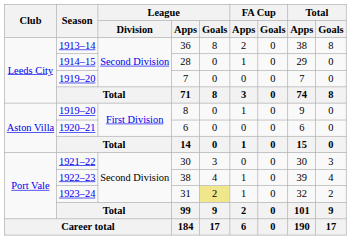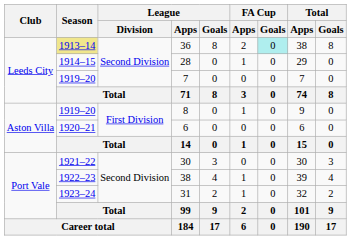 <table class="wikitable" style="text-align: center;">
 <tr>
 <th rowspan="2">Club</th>
 <th rowspan="2">Season</th>
 <th colspan="3">League</th>
 <th colspan="2">FA Cup</th>
 <th colspan="2">Total</th>
 </tr>
 <tr>
 <th>Division</th>
 <th>Apps</th>
 <th>Goals</th>
 <th>Apps</th>
 <th>Goals</th>
 <th>Apps</th>
 <th>Goals</th>
 </tr>
 <tr>
 <td rowspan="4"><a href='#'>Leeds City</a></td>
-<td><a href='#'>1913–14</a></td>
+<td style="background: khaki;"><a href='#'>1913–14</a></td>
 <td rowspan="3"><a href='#'>Second Division</a></td>
 <td>36</td>
 <td>8</td>
 <td>2</td>
-<td>0</td>
+<td style="background: paleturquoise;">0</td>
 <td>38</td>
 <td>8</td>
 </tr>
 <tr>
 <td><a href='#'>1914–15</a></td>
 <td>28</td>
 <td>0</td>
 <td>1</td>
 <td>0</td>
 <td>29</td>
 <td>0</td>
 </tr>
 <tr>
 <td><a href='#'>1919–20</a></td>
 <td>7</td>
 <td>0</td>
 <td>0</td>
 <td>0</td>
 <td>7</td>
 <td>0</td>
 </tr>
 <tr>
 <th colspan="2">Total</th>
 <th>71</th>
 <th>8</th>
 <th>3</th>
 <th>0</th>
 <th>74</th>
 <th>8</th>
 </tr>
 <tr>
 <td rowspan="3"><a href='#'>Aston Villa</a></td>
 <td><a href='#'>1919–20</a></td>
 <td rowspan="2"><a href='#'>First Division</a></td>
 <td>8</td>
 <td>0</td>
 <td>1</td>
 <td>0</td>
 <td>9</td>
 <td>0</td>
 </tr>
 <tr>
 <td><a href='#'>1920–21</a></td>
 <td>6</td>
 <td>0</td>
 <td>0</td>
 <td>0</td>
 <td>6</td>
 <td>0</td>
 </tr>
 <tr>
 <th colspan="2">Total</th>
 <th>14</th>
 <th>0</th>
 <th>1</th>
 <th>0</th>
 <th>15</th>
 <th>0</th>
 </tr>
 <tr>
 <td rowspan="4"><a href='#'>Port Vale</a></td>
 <td><a href='#'>1921–22</a></td>
 <td rowspan="3">Second Division</td>
 <td>30</td>
 <td>3</td>
 <td>0</td>
 <td>0</td>
 <td>30</td>
 <td>3</td>
 </tr>
 <tr>
 <td><a href='#'>1922–23</a></td>
 <td>38</td>
 <td>4</td>
 <td>1</td>
 <td>0</td>
 <td>39</td>
 <td>4</td>
 </tr>
 <tr>
 <td><a href='#'>1923–24</a></td>
 <td>31</td>
-<td style="background: khaki;">2</td>
+<td>2</td>
 <td>1</td>
 <td>0</td>
 <td>32</td>
 <td>2</td>
 </tr>
 <tr>
 <th colspan="2">Total</th>
 <th>99</th>
 <th>9</th>
 <th>2</th>
 <th>0</th>
 <th>101</th>
 <th>9</th>
 </tr>
 <tr>
 <th colspan="3">Career total</th>
 <th>184</th>
 <th>17</th>
 <th>6</th>
 <th>0</th>
 <th>190</th>
 <th>17</th>
 </tr>
 </table>
